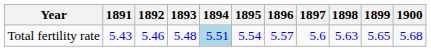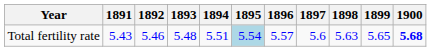 <table class="wikitable " style="text-align:right">
 <tr>
 <th>Year</th>
 <th>1891</th>
 <th>1892</th>
 <th>1893</th>
 <th>1894</th>
 <th>1895</th>
 <th>1896</th>
 <th>1897</th>
 <th>1898</th>
 <th>1899</th>
 <th>1900</th>
 </tr>
 <tr>
 <td align="left">Total fertility rate</td>
 <td style="text-align:right; color:blue;">5.43</td>
 <td style="text-align:right; color:blue;">5.46</td>
 <td style="text-align:right; color:blue;">5.48</td>
-<td style="background: lightblue; text-align:right; color:blue;">5.51</td>
-<td style="text-align:right; color:blue;">5.54</td>
+<td style="text-align:right; color:blue;">5.51</td>
+<td style="background: lightblue; text-align:right; color:blue;">5.54</td>
 <td style="text-align:right; color:blue;">5.57</td>
 <td style="text-align:right; color:blue;">5.6</td>
 <td style="text-align:right; color:blue;">5.63</td>
 <td style="text-align:right; color:blue;">5.65</td>
-<td style="text-align:right; color:blue;">5.68</td>
+<td style="text-align:right; color:blue;"><strong>5.68</strong></td>
 </tr>
 </table>
